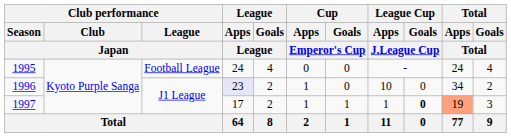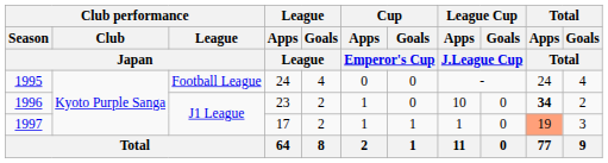 <table class="wikitable" style="text-align:center;">
 <tr>
 <th colspan=3>Club performance</th>
 <th colspan=2>League</th>
 <th colspan=2>Cup</th>
 <th colspan=2>League Cup</th>
 <th colspan=2>Total</th>
 </tr>
 <tr>
 <th>Season</th>
 <th>Club</th>
 <th>League</th>
 <th>Apps</th>
 <th>Goals</th>
 <th>Apps</th>
 <th>Goals</th>
 <th>Apps</th>
 <th>Goals</th>
 <th>Apps</th>
 <th>Goals</th>
 </tr>
 <tr>
 <th colspan=3>Japan</th>
 <th colspan=2>League</th>
 <th colspan=2><a href='#'>Emperor's Cup</a></th>
 <th colspan=2><a href='#'>J.League Cup</a></th>
 <th colspan=2>Total</th>
 </tr>
 <tr>
 <td><a href='#'>1995</a></td>
 <td rowspan="3"><a href='#'>Kyoto Purple Sanga</a></td>
 <td><a href='#'>Football League</a></td>
 <td>24</td>
 <td>4</td>
 <td>0</td>
 <td>0</td>
 <td colspan="2">-</td>
 <td>24</td>
 <td>4</td>
 </tr>
 <tr>
 <td><a href='#'>1996</a></td>
 <td rowspan="2"><a href='#'>J1 League</a></td>
-<td style="background: lavender;">23</td>
+<td>23</td>
 <td>2</td>
 <td>1</td>
 <td>0</td>
 <td>10</td>
 <td>0</td>
-<td>34</td>
+<td><strong>34</strong></td>
 <td>2</td>
 </tr>
 <tr>
 <td><a href='#'>1997</a></td>
 <td>17</td>
 <td>2</td>
 <td>1</td>
 <td>1</td>
 <td>1</td>
-<td><strong>0</strong></td>
+<td>0</td>
 <td style="background: lightsalmon;">19</td>
 <td>3</td>
 </tr>
 <tr>
 <th colspan=3>Total</th>
 <th>64</th>
 <th>8</th>
 <th>2</th>
 <th>1</th>
 <th>11</th>
 <th>0</th>
 <th>77</th>
 <th>9</th>
 </tr>
 </table>
